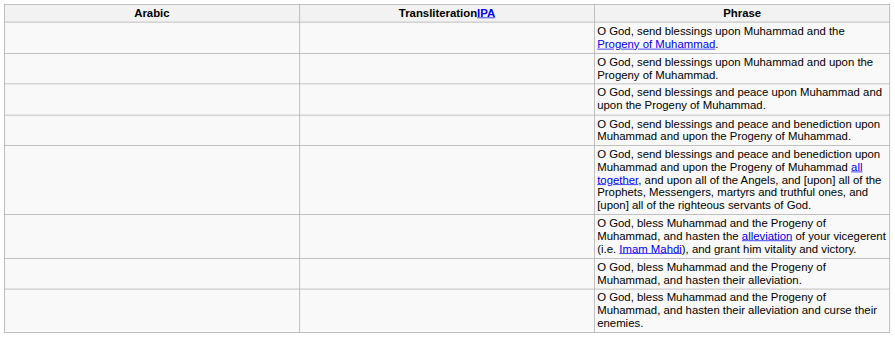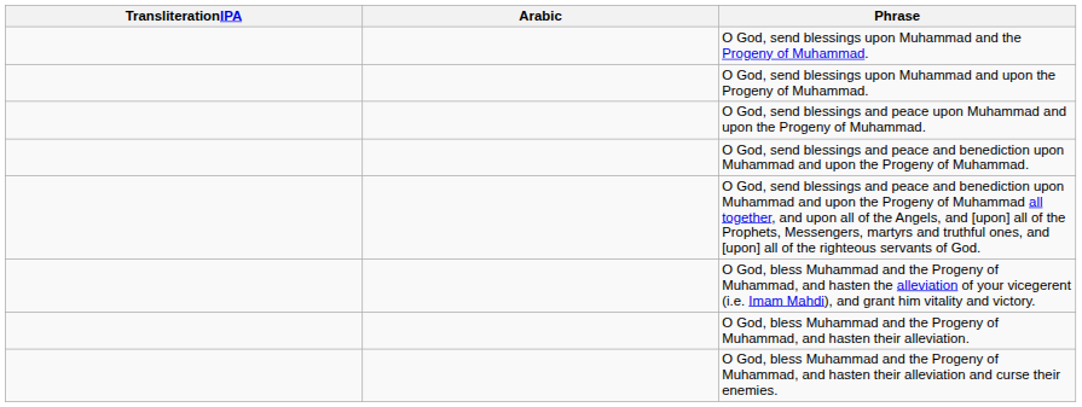 <table class="wikitable">
 <tr>
+<th style="width:33.3%;">Transliteration<a href='#'>IPA</a></th>
 <th style="width:33.3%;">Arabic</th>
-<th style="width:33.3%;">Transliteration<a href='#'>IPA</a></th>
 <th style="width:33.3%;">Phrase</th>
 </tr>
 <tr>
 <td></td>
 <td></td>
 <td>O God, send blessings upon Muhammad and the <a href='#'>Progeny of Muhammad</a>.</td>
 </tr>
 <tr>
 <td></td>
 <td></td>
 <td>O God, send blessings upon Muhammad and upon the Progeny of Muhammad.</td>
 </tr>
 <tr>
 <td></td>
 <td></td>
 <td>O God, send blessings and peace upon Muhammad and upon the Progeny of Muhammad.</td>
 </tr>
 <tr>
 <td></td>
 <td></td>
 <td>O God, send blessings and peace and benediction upon Muhammad and upon the Progeny of Muhammad.</td>
 </tr>
 <tr>
 <td></td>
 <td></td>
 <td>O God, send blessings and peace and benediction upon Muhammad and upon the Progeny of Muhammad <a href='#'>all together</a>, and upon all of the Angels, and [upon] all of the Prophets, Messengers, martyrs and truthful ones, and [upon] all of the righteous servants of God.</td>
 </tr>
 <tr>
 <td></td>
 <td></td>
 <td>O God, bless Muhammad and the Progeny of Muhammad, and hasten the <a href='#'>alleviation</a> of your vicegerent (i.e. <a href='#'>Imam Mahdi</a>), and grant him vitality and victory. </td>
 </tr>
 <tr>
 <td></td>
 <td></td>
 <td>O God, bless Muhammad and the Progeny of Muhammad, and hasten their alleviation. </td>
 </tr>
 <tr>
 <td></td>
 <td></td>
 <td>O God, bless Muhammad and the Progeny of Muhammad, and hasten their alleviation and curse their enemies. </td>
 </tr>
 </table>
